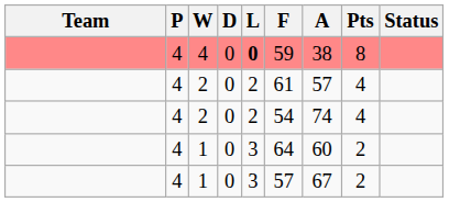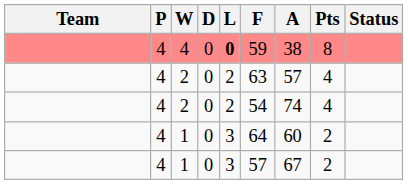 <table class="wikitable" style="text-align:center;">
 <tr>
 <th width="120px">Team</th>
 <th>P</th>
 <th>W</th>
 <th>D</th>
 <th>L</th>
 <th width="23px">F</th>
 <th width="23px">A</th>
 <th width="23px">Pts</th>
 <th>Status</th>
 </tr>
 <tr bgcolor="#FF8888">
 <td></td>
 <td>4</td>
 <td>4</td>
 <td>0</td>
 <td><strong>0</strong></td>
 <td>59</td>
 <td>38</td>
 <td>8</td>
 <td></td>
 </tr>
 <tr>
 <td></td>
 <td>4</td>
 <td>2</td>
 <td>0</td>
 <td>2</td>
-<td>61</td>
+<td>63</td>
 <td>57</td>
 <td>4</td>
 <td></td>
 </tr>
 <tr>
 <td></td>
 <td>4</td>
 <td>2</td>
 <td>0</td>
 <td>2</td>
 <td>54</td>
 <td>74</td>
 <td>4</td>
 <td></td>
 </tr>
 <tr>
 <td></td>
 <td>4</td>
 <td>1</td>
 <td>0</td>
 <td>3</td>
 <td>64</td>
 <td>60</td>
 <td>2</td>
 <td></td>
 </tr>
 <tr>
 <td></td>
 <td>4</td>
 <td>1</td>
 <td>0</td>
 <td>3</td>
 <td>57</td>
 <td>67</td>
 <td>2</td>
 <td></td>
 </tr>
 </table>
